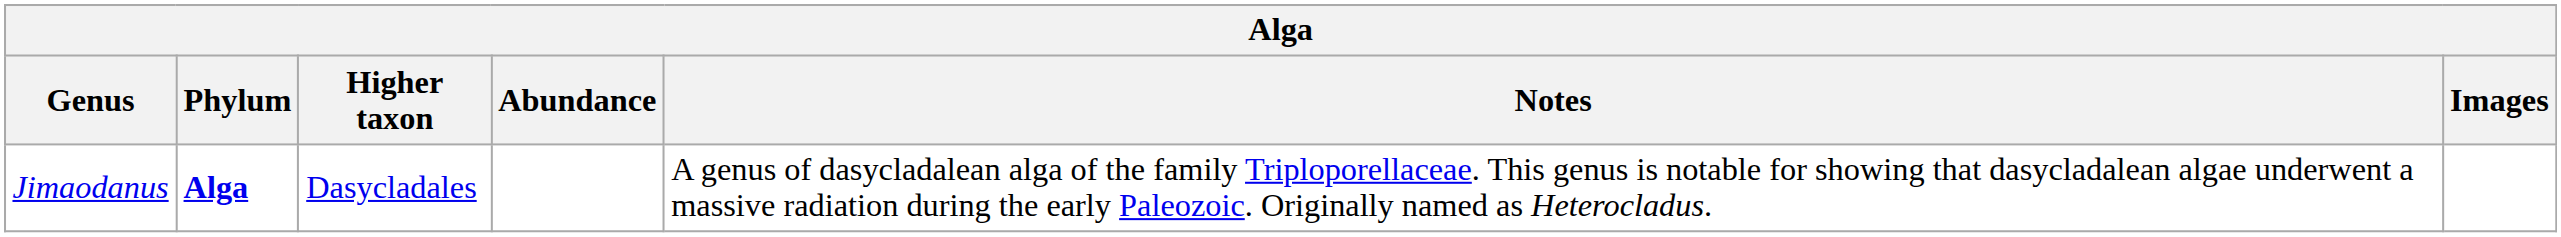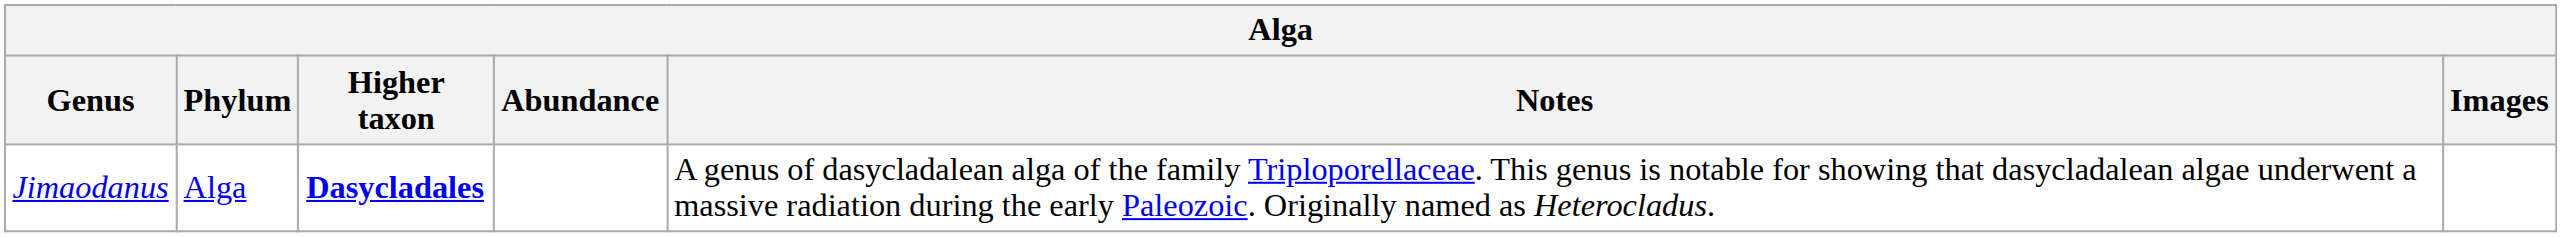 <table class="wikitable sortable" style="background:white; width:100%;">
 <tr>
 <th colspan="7" align="center">Alga</th>
 </tr>
 <tr>
 <th>Genus</th>
 <th>Phylum</th>
 <th>Higher taxon</th>
 <th>Abundance</th>
 <th>Notes</th>
 <th>Images</th>
 </tr>
 <tr>
 <td><em><a href='#'>Jimaodanus</a></em></td>
-<td><strong><a href='#'>Alga</a></strong></td>
-<td><a href='#'>Dasycladales</a></td>
+<td><a href='#'>Alga</a></td>
+<td><strong><a href='#'>Dasycladales</a></strong></td>
 <td></td>
 <td>A genus of dasycladalean alga of the family <a href='#'>Triploporellaceae</a>. This genus is notable for showing that dasycladalean algae underwent a massive radiation during the early <a href='#'>Paleozoic</a>. Originally named as <em>Heterocladus</em>.</td>
 <td></td>
 </tr>
 </table>
